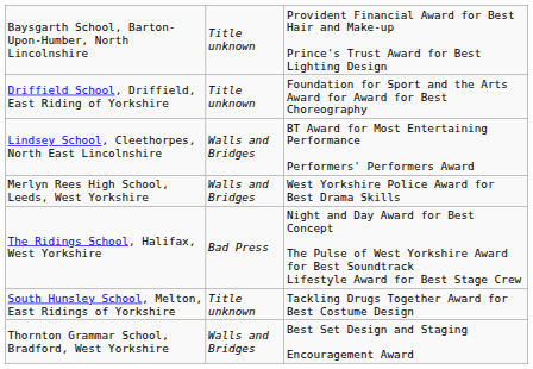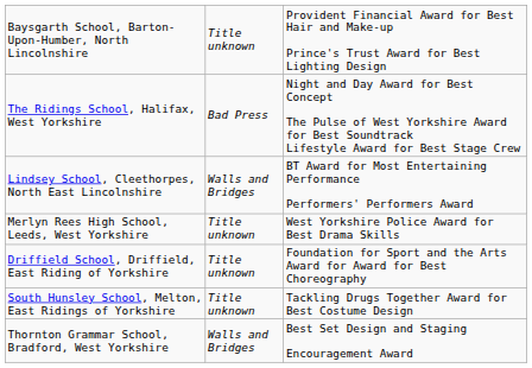 <table class="wikitable">
 <tr>
 <td>Baysgarth School, Barton-Upon-Humber, North Lincolnshire</td>
 <td><em>Title unknown</em></td>
 <td>Provident Financial Award for Best Hair and Make-up<br><br>Prince's Trust Award for Best Lighting Design</td>
 </tr>
 <tr>
-<td><a href='#'>Driffield School</a>, Driffield, East Riding of Yorkshire</td>
-<td><em>Title unknown</em></td>
-<td>Foundation for Sport and the Arts Award for Award for Best Choreography</td>
+<td><a href='#'>The Ridings School</a>, Halifax, West Yorkshire</td>
+<td><em>Bad Press</em></td>
+<td>Night and Day Award for Best Concept<br><br>The Pulse of West Yorkshire Award for Best Soundtrack<br> Lifestyle Award for Best Stage Crew</td>
 </tr>
 <tr>
 <td><a href='#'>Lindsey School</a>, Cleethorpes, North East Lincolnshire</td>
 <td><em>Walls and Bridges</em></td>
 <td>BT Award for Most Entertaining Performance<br><br>Performers' Performers Award</td>
 </tr>
 <tr>
 <td>Merlyn Rees High School, Leeds, West Yorkshire</td>
-<td><em>Walls and Bridges</em></td>
+<td><em>Title unknown</em></td>
 <td>West Yorkshire Police Award for Best Drama Skills</td>
 </tr>
 <tr>
-<td><a href='#'>The Ridings School</a>, Halifax, West Yorkshire</td>
-<td><em>Bad Press</em></td>
-<td>Night and Day Award for Best Concept<br><br>The Pulse of West Yorkshire Award for Best Soundtrack<br> Lifestyle Award for Best Stage Crew</td>
+<td><a href='#'>Driffield School</a>, Driffield, East Riding of Yorkshire</td>
+<td><em>Title unknown</em></td>
+<td>Foundation for Sport and the Arts Award for Award for Best Choreography</td>
 </tr>
 <tr>
 <td><a href='#'>South Hunsley School</a>, Melton, East Ridings of Yorkshire</td>
 <td><em>Title unknown</em></td>
 <td>Tackling Drugs Together Award for Best Costume Design</td>
 </tr>
 <tr>
 <td>Thornton Grammar School, Bradford, West Yorkshire</td>
 <td><em>Walls and Bridges</em></td>
 <td>Best Set Design and Staging<br><br>Encouragement Award</td>
 </tr>
 </table>
